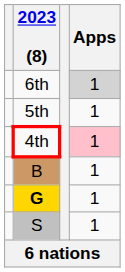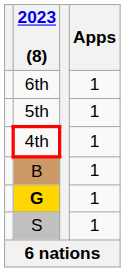 <table class="wikitable" style="text-align: center">
 <tr valign=center>
 <th></th>
 <th><a href='#'>2023</a><br> <br> (8)</th>
 <th rowspan=7></th>
 <th valign=center>Apps<br><big></big></th>
 </tr>
 <tr>
 <td align=left></td>
 <td>6th</td>
-<td style="background: lightgrey;">1</td>
+<td>1</td>
 </tr>
 <tr>
 <td align=left></td>
 <td>5th</td>
 <td>1</td>
 </tr>
 <tr>
 <td align=left></td>
 <td style="border:3px solid red">4th</td>
-<td style="background: pink;">1</td>
+<td>1</td>
 </tr>
 <tr>
 <td align=left></td>
 <td bgcolor=#c96>B</td>
 <td>1</td>
 </tr>
 <tr>
 <td align=left></td>
 <td bgcolor=gold><strong>G</strong></td>
 <td>1</td>
 </tr>
 <tr>
 <td align=left></td>
 <td bgcolor=silver>S</td>
 <td>1</td>
 </tr>
 <tr>
 <th colspan=6>6 nations</th>
 </tr>
 </table>
